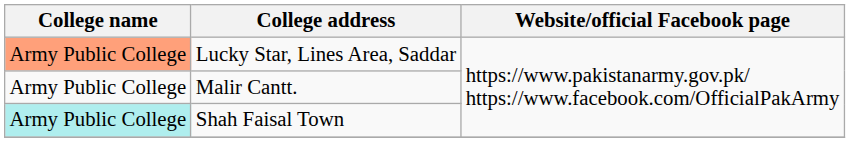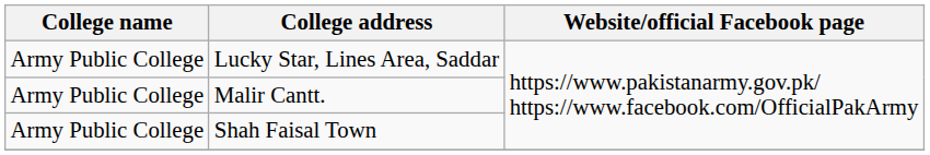 <table class="wikitable">
 <tr>
 <th>College name</th>
 <th>College address</th>
 <th>Website/official Facebook page</th>
 </tr>
 <tr>
-<td style="background: lightsalmon;">Army Public College</td>
+<td>Army Public College</td>
 <td>Lucky Star, Lines Area, Saddar</td>
 <td rowspan="3">https://www.pakistanarmy.gov.pk/<br>https://www.facebook.com/OfficialPakArmy</td>
 </tr>
 <tr>
 <td>Army Public College</td>
 <td>Malir Cantt.</td>
 </tr>
 <tr>
-<td style="background: paleturquoise;">Army Public College</td>
+<td>Army Public College</td>
 <td>Shah Faisal Town</td>
 </tr>
 <tr>
 </tr>
 </table>
